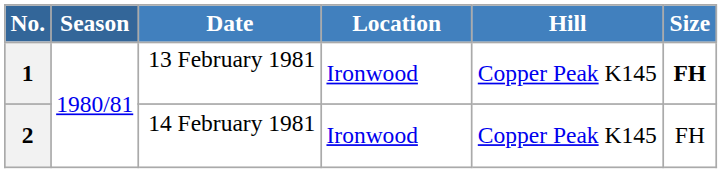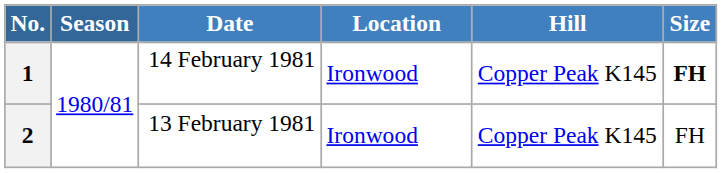 <table class="wikitable sortable" style="font-size:86%; line-height:15px; text-align:left; border:grey solid 1px; border-collapse:collapse; background:#ffffff;">
 <tr style="background:#efefef;">
 <th style="background-color:#369; color:white; width:10px;">No.</th>
 <th style="background-color:#369; color:white;  width:30px;">Season</th>
 <th style="background-color:#4180be; color:white; width:100px;">Date</th>
 <th style="background-color:#4180be; color:white; width:82px;">Location</th>
 <th style="background-color:#4180be; color:white; width:105px;">Hill</th>
 <th style="background-color:#4180be; color:white; width:25px;">Size</th>
 </tr>
 <tr>
 <th scope=row style="text-align:center;">1</th>
 <td align=center rowspan=2><a href='#'>1980/81</a></td>
-<td align=right>13 February 1981  </td>
+<td align=right>14 February 1981  </td>
 <td> <a href='#'>Ironwood</a></td>
 <td><a href='#'>Copper Peak</a> K145</td>
 <td align=center><strong>FH</strong></td>
 </tr>
 <tr>
 <th scope=row style="text-align:center;">2</th>
-<td align=right>14 February 1981  </td>
+<td align=right>13 February 1981  </td>
 <td> <a href='#'>Ironwood</a></td>
 <td><a href='#'>Copper Peak</a> K145</td>
 <td align=center>FH</td>
 </tr>
 </table>
